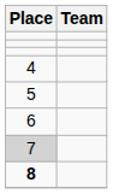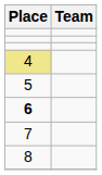 <table class="wikitable" style="text-align:center; padding-bottom:0;">
 <tr>
 <th>Place</th>
 <th style="text-align:left;">Team</th>
 </tr>
 <tr>
 <td></td>
 <td align=left></td>
 </tr>
 <tr>
 <td></td>
 <td align=left></td>
 </tr>
 <tr>
 <td></td>
 <td align=left></td>
 </tr>
 <tr>
-<td>4</td>
+<td style="background: khaki;">4</td>
 <td align=left></td>
 </tr>
 <tr>
 <td>5</td>
 <td align=left></td>
 </tr>
 <tr>
-<td>6</td>
+<td><strong>6</strong></td>
 <td align=left></td>
 </tr>
 <tr>
-<td style="background: lightgrey;">7</td>
+<td>7</td>
 <td align=left></td>
 </tr>
 <tr>
-<td><strong>8</strong></td>
+<td>8</td>
 <td align=left></td>
 </tr>
 <tr>
 </tr>
 </table>
